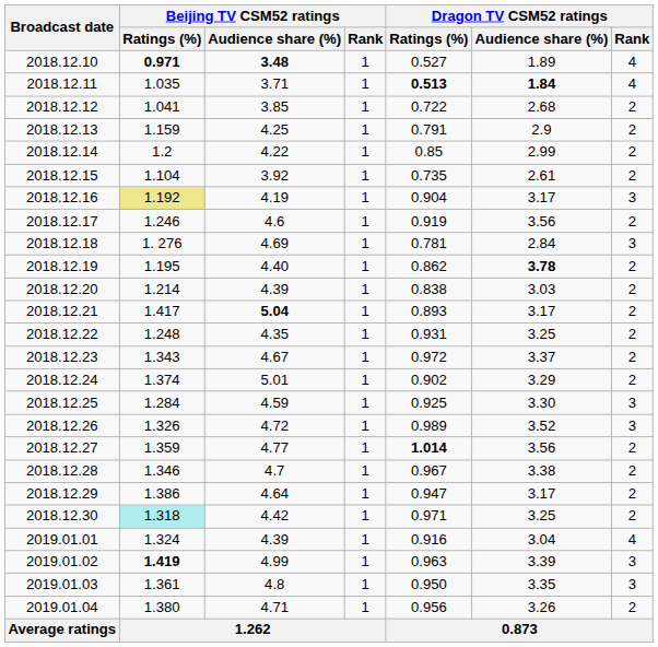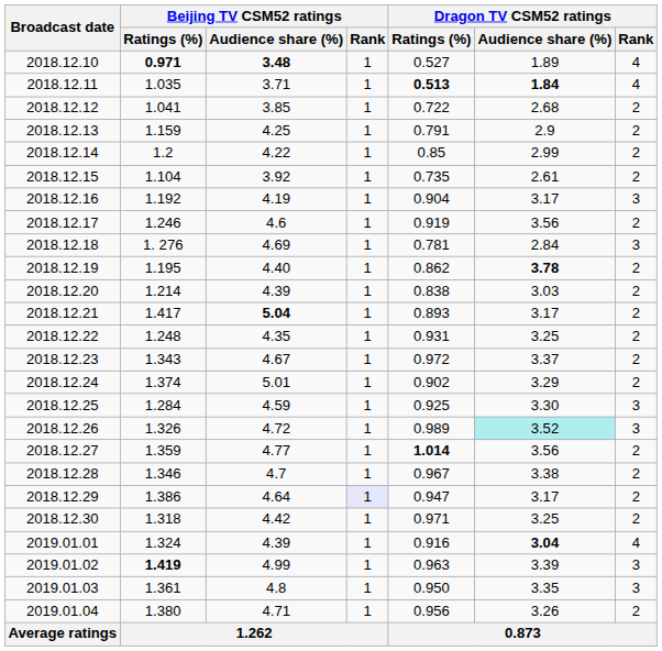 <table class="wikitable sortable mw-collapsible jquery-tablesorter" style="text-align:center">
 <tr>
 <th rowspan="2">Broadcast date</th>
 <th colspan="3"><a href='#'>Beijing TV</a> CSM52 ratings</th>
 <th colspan="3" rowspan="1"><a href='#'>Dragon TV</a> CSM52 ratings</th>
 </tr>
 <tr>
 <th><strong>Ratings (%)</strong></th>
 <th><strong>Audience share (%)</strong></th>
 <th><strong>Rank</strong></th>
 <th><strong>Ratings (%)</strong></th>
 <th><strong>Audience share (%)</strong></th>
 <th><strong>Rank</strong></th>
 </tr>
 <tr>
 <td>2018.12.10</td>
 <td><strong><span>0.971</span></strong></td>
 <td><strong><span>3.48</span></strong></td>
 <td>1</td>
 <td>0.527</td>
 <td>1.89</td>
 <td>4</td>
 </tr>
 <tr>
 <td>2018.12.11</td>
 <td>1.035</td>
 <td>3.71</td>
 <td>1</td>
 <td><strong><span>0.513</span></strong></td>
 <td><strong><span>1.84</span></strong></td>
 <td>4</td>
 </tr>
 <tr>
 <td>2018.12.12</td>
 <td>1.041</td>
 <td>3.85</td>
 <td>1</td>
 <td>0.722</td>
 <td>2.68</td>
 <td>2</td>
 </tr>
 <tr>
 <td>2018.12.13</td>
 <td>1.159</td>
 <td>4.25</td>
 <td>1</td>
 <td>0.791</td>
 <td>2.9</td>
 <td>2</td>
 </tr>
 <tr>
 <td>2018.12.14</td>
 <td>1.2</td>
 <td>4.22</td>
 <td>1</td>
 <td>0.85</td>
 <td>2.99</td>
 <td>2</td>
 </tr>
 <tr>
 <td>2018.12.15</td>
 <td>1.104</td>
 <td>3.92</td>
 <td>1</td>
 <td>0.735</td>
 <td>2.61</td>
 <td>2</td>
 </tr>
 <tr>
 <td>2018.12.16</td>
-<td style="background: khaki;">1.192</td>
+<td>1.192</td>
 <td>4.19</td>
 <td>1</td>
 <td>0.904</td>
 <td>3.17</td>
 <td>3</td>
 </tr>
 <tr>
 <td>2018.12.17</td>
 <td>1.246</td>
 <td>4.6</td>
 <td>1</td>
 <td>0.919</td>
 <td>3.56</td>
 <td>2</td>
 </tr>
 <tr>
 <td>2018.12.18</td>
 <td>1. 276</td>
 <td>4.69</td>
 <td>1</td>
 <td>0.781</td>
 <td>2.84</td>
 <td>3</td>
 </tr>
 <tr>
 <td>2018.12.19</td>
 <td>1.195</td>
 <td>4.40</td>
 <td>1</td>
 <td>0.862</td>
 <td><strong><span>3.78</span></strong></td>
 <td>2</td>
 </tr>
 <tr>
 <td>2018.12.20</td>
 <td>1.214</td>
 <td>4.39</td>
 <td>1</td>
 <td>0.838</td>
 <td>3.03</td>
 <td>2</td>
 </tr>
 <tr>
 <td>2018.12.21</td>
 <td>1.417</td>
 <td><strong><span>5.04</span></strong></td>
 <td>1</td>
 <td>0.893</td>
 <td>3.17</td>
 <td>2</td>
 </tr>
 <tr>
 <td>2018.12.22</td>
 <td>1.248</td>
 <td>4.35</td>
 <td>1</td>
 <td>0.931</td>
 <td>3.25</td>
 <td>2</td>
 </tr>
 <tr>
 <td>2018.12.23</td>
 <td>1.343</td>
 <td>4.67</td>
 <td>1</td>
 <td>0.972</td>
 <td>3.37</td>
 <td>2</td>
 </tr>
 <tr>
 <td>2018.12.24</td>
 <td>1.374</td>
 <td>5.01</td>
 <td>1</td>
 <td>0.902</td>
 <td>3.29</td>
 <td>2</td>
 </tr>
 <tr>
 <td>2018.12.25</td>
 <td>1.284</td>
 <td>4.59</td>
 <td>1</td>
 <td>0.925</td>
 <td>3.30</td>
 <td>3</td>
 </tr>
 <tr>
 <td>2018.12.26</td>
 <td>1.326</td>
 <td>4.72</td>
 <td>1</td>
 <td>0.989</td>
-<td>3.52</td>
+<td style="background: paleturquoise;">3.52</td>
 <td>3</td>
 </tr>
 <tr>
 <td>2018.12.27</td>
 <td>1.359</td>
 <td>4.77</td>
 <td>1</td>
 <td><strong><span>1.014</span></strong></td>
 <td>3.56</td>
 <td>2</td>
 </tr>
 <tr>
 <td>2018.12.28</td>
 <td>1.346</td>
 <td>4.7</td>
 <td>1</td>
 <td>0.967</td>
 <td>3.38</td>
 <td>2</td>
 </tr>
 <tr>
 <td>2018.12.29</td>
 <td>1.386</td>
 <td>4.64</td>
-<td>1</td>
+<td style="background: lavender;">1</td>
 <td>0.947</td>
 <td>3.17</td>
 <td>2</td>
 </tr>
 <tr>
 <td>2018.12.30</td>
-<td style="background: paleturquoise;">1.318</td>
+<td>1.318</td>
 <td>4.42</td>
 <td>1</td>
 <td>0.971</td>
 <td>3.25</td>
 <td>2</td>
 </tr>
 <tr>
 <td>2019.01.01</td>
 <td>1.324</td>
 <td>4.39</td>
 <td>1</td>
 <td>0.916</td>
-<td>3.04</td>
+<td><strong>3.04</strong></td>
 <td>4</td>
 </tr>
 <tr>
 <td>2019.01.02</td>
 <td><strong><span>1.419</span></strong></td>
 <td>4.99</td>
 <td>1</td>
 <td>0.963</td>
 <td>3.39</td>
 <td>3</td>
 </tr>
 <tr>
 <td>2019.01.03</td>
 <td>1.361</td>
 <td>4.8</td>
 <td>1</td>
 <td>0.950</td>
 <td>3.35</td>
 <td>3</td>
 </tr>
 <tr>
 <td>2019.01.04</td>
 <td>1.380</td>
 <td>4.71</td>
 <td>1</td>
 <td>0.956</td>
 <td>3.26</td>
 <td>2</td>
 </tr>
 <tr>
 <th><strong>Average ratings</strong></th>
 <th colspan="3" rowspan="1"><strong>1.262</strong></th>
 <th colspan="3" rowspan="1"><strong>0.873</strong></th>
 </tr>
 </table>
